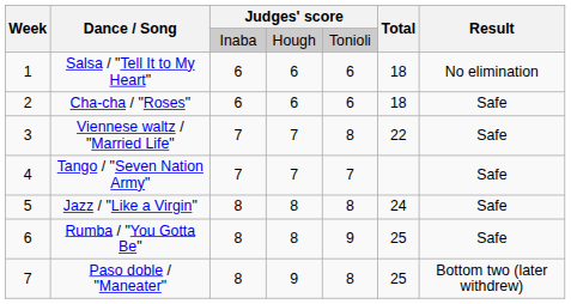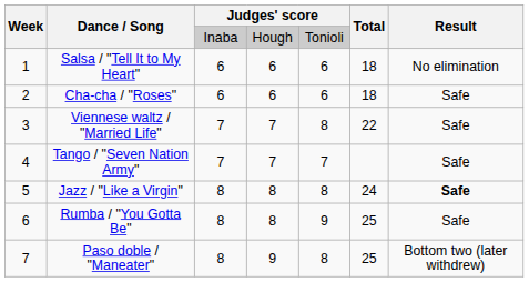 <table class="wikitable" style="text-align:center;">
 <tr style="text-align:center;">
 <th rowspan="2" bgcolor="#CCCCCC" align="Center">Week</th>
 <th rowspan="2" bgcolor="#CCCCCC" align="Center">Dance / Song</th>
 <th colspan="3" bgcolor="#CCCCCC" align="Center">Judges' score</th>
 <th rowspan="2">Total</th>
 <th rowspan="2" bgcolor="#CCCCCC" align="Center">Result</th>
 </tr>
 <tr>
 <td bgcolor="#CCCCCC" width="10%" align="center">Inaba</td>
 <td bgcolor="#CCCCCC" width="10%" align="center">Hough</td>
 <td bgcolor="#CCCCCC" width="10%" align="center">Tonioli</td>
 </tr>
 <tr>
 <td>1</td>
 <td><a href='#'>Salsa</a> / "<a href='#'>Tell It to My Heart</a>"</td>
 <td>6</td>
 <td>6</td>
 <td>6</td>
 <td>18</td>
 <td>No elimination</td>
 </tr>
 <tr>
 <td>2</td>
 <td><a href='#'>Cha-cha</a> / "<a href='#'>Roses</a>"</td>
 <td>6</td>
 <td>6</td>
 <td>6</td>
 <td>18</td>
 <td>Safe</td>
 </tr>
 <tr>
 <td>3</td>
 <td><a href='#'>Viennese waltz</a> / "<a href='#'>Married Life</a>"</td>
 <td>7</td>
 <td>7</td>
 <td>8</td>
 <td>22</td>
 <td>Safe</td>
 </tr>
 <tr>
 <td>4</td>
 <td><a href='#'>Tango</a> / "<a href='#'>Seven Nation Army</a>"</td>
 <td>7</td>
 <td>7</td>
 <td>7</td>
 <td></td>
 <td>Safe</td>
 </tr>
 <tr>
 <td>5</td>
 <td><a href='#'>Jazz</a> / "<a href='#'>Like a Virgin</a>"</td>
 <td>8</td>
 <td>8</td>
 <td>8</td>
 <td>24</td>
-<td>Safe</td>
+<td><strong>Safe</strong></td>
 </tr>
 <tr>
 <td>6</td>
 <td><a href='#'>Rumba</a> / "<a href='#'>You Gotta Be</a>"</td>
 <td>8</td>
 <td>8</td>
 <td>9</td>
 <td>25</td>
 <td>Safe</td>
 </tr>
 <tr>
 <td>7</td>
 <td><a href='#'>Paso doble</a> / "<a href='#'>Maneater</a>"</td>
 <td>8</td>
 <td>9</td>
 <td>8</td>
 <td>25</td>
 <td>Bottom two (later withdrew)</td>
 </tr>
 </table>
